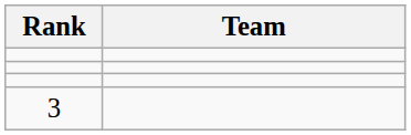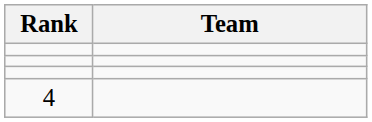 <table class="wikitable" style="text-align: center">
 <tr>
 <th width=50>Rank</th>
 <th width=170>Team</th>
 </tr>
 <tr>
 <td></td>
 <td align=left></td>
 </tr>
 <tr>
 <td></td>
 <td align=left></td>
 </tr>
 <tr>
 <td></td>
 <td align=left></td>
 </tr>
 <tr>
-<td>3</td>
+<td>4</td>
 <td align=left></td>
 </tr>
 </table>
